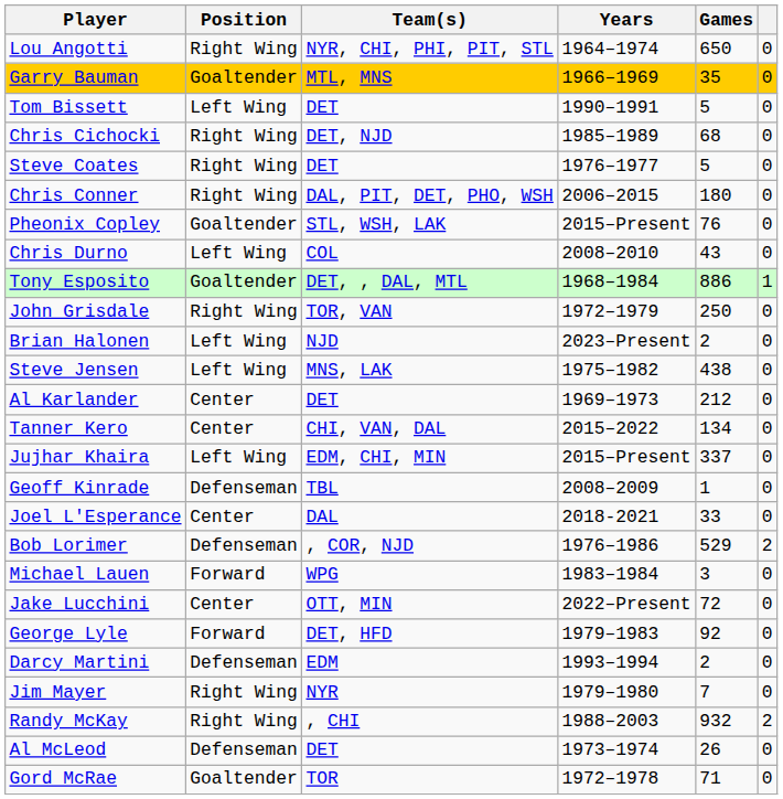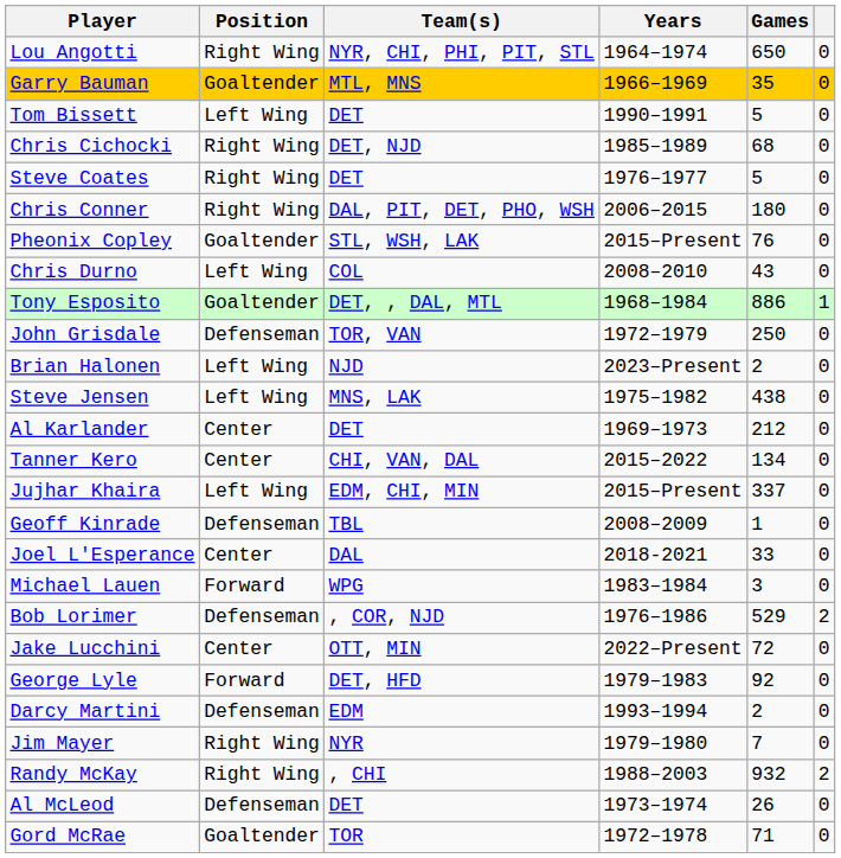 <table class="wikitable sortable">
 <tr>
 <th>Player</th>
 <th>Position</th>
 <th>Team(s)</th>
 <th>Years</th>
 <th>Games</th>
 <th><a href='#'></a></th>
 </tr>
 <tr>
 <td><a href='#'>Lou Angotti</a></td>
 <td>Right Wing</td>
 <td><a href='#'>NYR</a>, <a href='#'>CHI</a>, <a href='#'>PHI</a>, <a href='#'>PIT</a>, <a href='#'>STL</a></td>
 <td>1964–1974</td>
 <td>650</td>
 <td>0</td>
 </tr>
 <tr bgcolor=#FFCC00>
 <td><a href='#'>Garry Bauman</a></td>
 <td>Goaltender</td>
 <td><a href='#'>MTL</a>, <a href='#'>MNS</a></td>
 <td>1966–1969</td>
 <td>35</td>
 <td>0</td>
 </tr>
 <tr>
 <td><a href='#'>Tom Bissett</a></td>
 <td>Left Wing</td>
 <td><a href='#'>DET</a></td>
 <td>1990–1991</td>
 <td>5</td>
 <td>0</td>
 </tr>
 <tr>
 <td><a href='#'>Chris Cichocki</a></td>
 <td>Right Wing</td>
 <td><a href='#'>DET</a>, <a href='#'>NJD</a></td>
 <td>1985–1989</td>
 <td>68</td>
 <td>0</td>
 </tr>
 <tr>
 <td><a href='#'>Steve Coates</a></td>
 <td>Right Wing</td>
 <td><a href='#'>DET</a></td>
 <td>1976–1977</td>
 <td>5</td>
 <td>0</td>
 </tr>
 <tr>
 <td><a href='#'>Chris Conner</a></td>
 <td>Right Wing</td>
 <td><a href='#'>DAL</a>, <a href='#'>PIT</a>, <a href='#'>DET</a>, <a href='#'>PHO</a>, <a href='#'>WSH</a></td>
 <td>2006–2015</td>
 <td>180</td>
 <td>0</td>
 </tr>
 <tr>
 <td><a href='#'>Pheonix Copley</a></td>
 <td>Goaltender</td>
 <td><a href='#'>STL</a>, <a href='#'>WSH</a>, <a href='#'>LAK</a></td>
 <td>2015–Present</td>
 <td>76</td>
 <td>0</td>
 </tr>
 <tr>
 <td><a href='#'>Chris Durno</a></td>
 <td>Left Wing</td>
 <td><a href='#'>COL</a></td>
 <td>2008–2010</td>
 <td>43</td>
 <td>0</td>
 </tr>
 <tr bgcolor=#CCFFCC>
 <td><a href='#'>Tony Esposito</a></td>
 <td>Goaltender</td>
 <td><a href='#'>DET</a>, <span><strong></strong></span>, <a href='#'>DAL</a>, <a href='#'>MTL</a></td>
 <td>1968–1984</td>
 <td>886</td>
 <td>1</td>
 </tr>
 <tr>
 <td><a href='#'>John Grisdale</a></td>
-<td>Right Wing</td>
+<td>Defenseman</td>
 <td><a href='#'>TOR</a>, <a href='#'>VAN</a></td>
 <td>1972–1979</td>
 <td>250</td>
 <td>0</td>
 </tr>
 <tr>
 <td><a href='#'>Brian Halonen</a></td>
 <td>Left Wing</td>
 <td><a href='#'>NJD</a></td>
 <td>2023–Present</td>
 <td>2</td>
 <td>0</td>
 </tr>
 <tr>
 <td><a href='#'>Steve Jensen</a></td>
 <td>Left Wing</td>
 <td><a href='#'>MNS</a>, <a href='#'>LAK</a></td>
 <td>1975–1982</td>
 <td>438</td>
 <td>0</td>
 </tr>
 <tr>
 <td><a href='#'>Al Karlander</a></td>
 <td>Center</td>
 <td><a href='#'>DET</a></td>
 <td>1969–1973</td>
 <td>212</td>
 <td>0</td>
 </tr>
 <tr>
 <td><a href='#'>Tanner Kero</a></td>
 <td>Center</td>
 <td><a href='#'>CHI</a>, <a href='#'>VAN</a>, <a href='#'>DAL</a></td>
 <td>2015–2022</td>
 <td>134</td>
 <td>0</td>
 </tr>
 <tr>
 <td><a href='#'>Jujhar Khaira</a></td>
 <td>Left Wing</td>
 <td><a href='#'>EDM</a>, <a href='#'>CHI</a>, <a href='#'>MIN</a></td>
 <td>2015–Present</td>
 <td>337</td>
 <td>0</td>
 </tr>
 <tr>
 <td><a href='#'>Geoff Kinrade</a></td>
 <td>Defenseman</td>
 <td><a href='#'>TBL</a></td>
 <td>2008–2009</td>
 <td>1</td>
 <td>0</td>
 </tr>
 <tr>
 <td><a href='#'>Joel L'Esperance</a></td>
 <td>Center</td>
 <td><a href='#'>DAL</a></td>
 <td>2018-2021</td>
 <td>33</td>
 <td>0</td>
 </tr>
 <tr>
+<td><a href='#'>Michael Lauen</a></td>
+<td>Forward</td>
+<td><a href='#'>WPG</a></td>
+<td>1983–1984</td>
+<td>3</td>
+<td>0</td>
+</tr>
+<tr>
 <td><a href='#'>Bob Lorimer</a></td>
 <td>Defenseman</td>
 <td><span><strong></strong></span>, <a href='#'>COR</a>, <a href='#'>NJD</a></td>
 <td>1976–1986</td>
 <td>529</td>
 <td>2</td>
-</tr>
-<tr>
-<td><a href='#'>Michael Lauen</a></td>
-<td>Forward</td>
-<td><a href='#'>WPG</a></td>
-<td>1983–1984</td>
-<td>3</td>
-<td>0</td>
 </tr>
 <tr>
 <td><a href='#'>Jake Lucchini</a></td>
 <td>Center</td>
 <td><a href='#'>OTT</a>, <a href='#'>MIN</a></td>
 <td>2022–Present</td>
 <td>72</td>
 <td>0</td>
 </tr>
 <tr>
 <td><a href='#'>George Lyle</a></td>
 <td>Forward</td>
 <td><a href='#'>DET</a>, <a href='#'>HFD</a></td>
 <td>1979–1983</td>
 <td>92</td>
 <td>0</td>
 </tr>
 <tr>
 <td><a href='#'>Darcy Martini</a></td>
 <td>Defenseman</td>
 <td><a href='#'>EDM</a></td>
 <td>1993–1994</td>
 <td>2</td>
 <td>0</td>
 </tr>
 <tr>
 <td><a href='#'>Jim Mayer</a></td>
 <td>Right Wing</td>
 <td><a href='#'>NYR</a></td>
 <td>1979–1980</td>
 <td>7</td>
 <td>0</td>
 </tr>
 <tr>
 <td><a href='#'>Randy McKay</a></td>
 <td>Right Wing</td>
 <td><span><strong></strong></span>, <a href='#'>CHI</a></td>
 <td>1988–2003</td>
 <td>932</td>
 <td>2</td>
 </tr>
 <tr>
 <td><a href='#'>Al McLeod</a></td>
 <td>Defenseman</td>
 <td><a href='#'>DET</a></td>
 <td>1973–1974</td>
 <td>26</td>
 <td>0</td>
 </tr>
 <tr>
 <td><a href='#'>Gord McRae</a></td>
 <td>Goaltender</td>
 <td><a href='#'>TOR</a></td>
 <td>1972–1978</td>
 <td>71</td>
 <td>0</td>
 </tr>
 <tr>
 </tr>
 </table>
